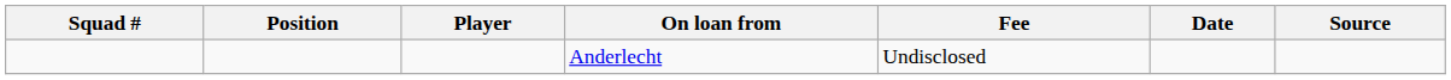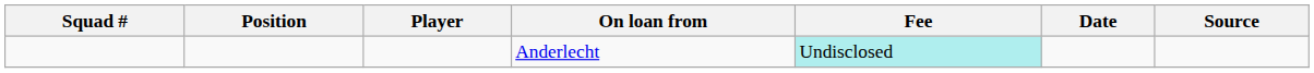 <table width=83% class="wikitable sortable" style="text-align:center; font-size:95%; text-align:left">
 <tr>
 <th><strong>Squad #</strong></th>
 <th><strong>Position</strong></th>
 <th><strong>Player</strong></th>
 <th><strong>On loan from</strong></th>
 <th><strong>Fee</strong></th>
 <th><strong>Date</strong></th>
 <th><strong>Source</strong></th>
 </tr>
 <tr>
 <td></td>
 <td></td>
 <td></td>
 <td> <a href='#'>Anderlecht</a></td>
-<td>Undisclosed</td>
+<td style="background: paleturquoise;">Undisclosed</td>
 <td></td>
 <td></td>
 </tr>
 <tr>
 </tr>
 </table>
